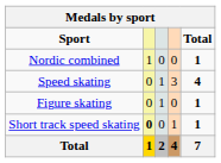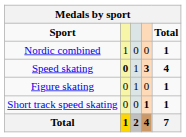 <table class="wikitable" style="font-size:95%;float:right;clear:right;">
 <tr style="background:#efefef;">
 <th colspan=5><strong>Medals by sport</strong></th>
 </tr>
 <tr align=center>
 <td><strong>Sport</strong></td>
 <td bgcolor=#f7f6a8></td>
 <td bgcolor=#dce5e5></td>
 <td bgcolor=#ffdab9></td>
 <td><strong>Total</strong></td>
 </tr>
 <tr align=center>
 <td><a href='#'>Nordic combined</a></td>
 <td style="background:#F7F6A8;">1</td>
 <td style="background:#DCE5E5;">0</td>
 <td style="background:#FFDAB9;">0</td>
 <td><strong>1</strong></td>
 </tr>
 <tr align=center>
 <td><a href='#'>Speed skating</a></td>
-<td style="background:#F7F6A8;">0</td>
+<td style="background:#F7F6A8;"><strong>0</strong></td>
 <td style="background:#DCE5E5;">1</td>
-<td style="background:#FFDAB9;">3</td>
+<td style="background:#FFDAB9;"><strong>3</strong></td>
 <td><strong>4</strong></td>
 </tr>
 <tr align=center>
 <td><a href='#'>Figure skating</a></td>
 <td style="background:#F7F6A8;">0</td>
 <td style="background:#DCE5E5;">1</td>
 <td style="background:#FFDAB9;">0</td>
 <td><strong>1</strong></td>
 </tr>
 <tr align=center>
 <td><a href='#'>Short track speed skating</a></td>
-<td style="background:#F7F6A8;"><strong>0</strong></td>
+<td style="background:#F7F6A8;">0</td>
 <td style="background:#DCE5E5;">0</td>
-<td style="background:#FFDAB9;">1</td>
+<td style="background:#FFDAB9;"><strong>1</strong></td>
 <td><strong>1</strong></td>
 </tr>
 <tr align=center>
 <th>Total</th>
 <th style="background:gold">1</th>
 <th style="background:silver">2</th>
 <th style="background:#c96">4</th>
 <th>7</th>
 </tr>
 </table>
